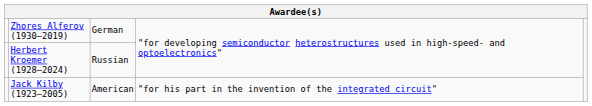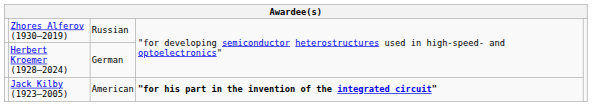 <table class="wikitable">
 <tr>
 <th colspan="5">Awardee(s)</th>
 </tr>
 <tr>
 <td></td>
 <td><a href='#'>Zhores Alferov</a><br>(1930–2019)</td>
-<td> German</td>
+<td> Russian</td>
 <td rowspan="2">"for developing <a href='#'>semiconductor</a> <a href='#'>heterostructures</a> used in high-speed- and <a href='#'>optoelectronics</a>"</td>
 <td rowspan="3"></td>
 </tr>
 <tr>
 <td></td>
 <td><a href='#'>Herbert Kroemer</a><br>(1928–2024)</td>
-<td> Russian</td>
+<td> German</td>
 </tr>
 <tr>
 <td></td>
 <td><a href='#'>Jack Kilby</a><br>(1923–2005)</td>
 <td> American</td>
-<td>"for his part in the invention of the <a href='#'>integrated circuit</a>"</td>
+<td><strong>"for his part in the invention of the <a href='#'>integrated circuit</a>"</strong></td>
 </tr>
 </table>
